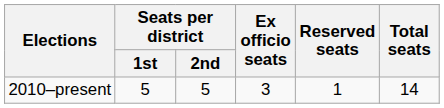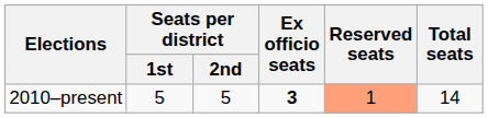 <table class="wikitable" style="text-align:center">
 <tr>
 <th rowspan="2">Elections</th>
 <th colspan="2">Seats per district</th>
 <th rowspan="2" width="50px">Ex officio seats</th>
 <th rowspan="2" width="50px">Reserved seats</th>
 <th rowspan="2" width="50px">Total seats</th>
 </tr>
 <tr>
 <th width="50px">1st</th>
 <th width="50px">2nd</th>
 </tr>
 <tr>
 <td>2010–present</td>
 <td>5</td>
 <td>5</td>
-<td>3</td>
-<td>1</td>
+<td><strong>3</strong></td>
+<td style="background: lightsalmon;">1</td>
 <td>14</td>
 </tr>
 </table>
